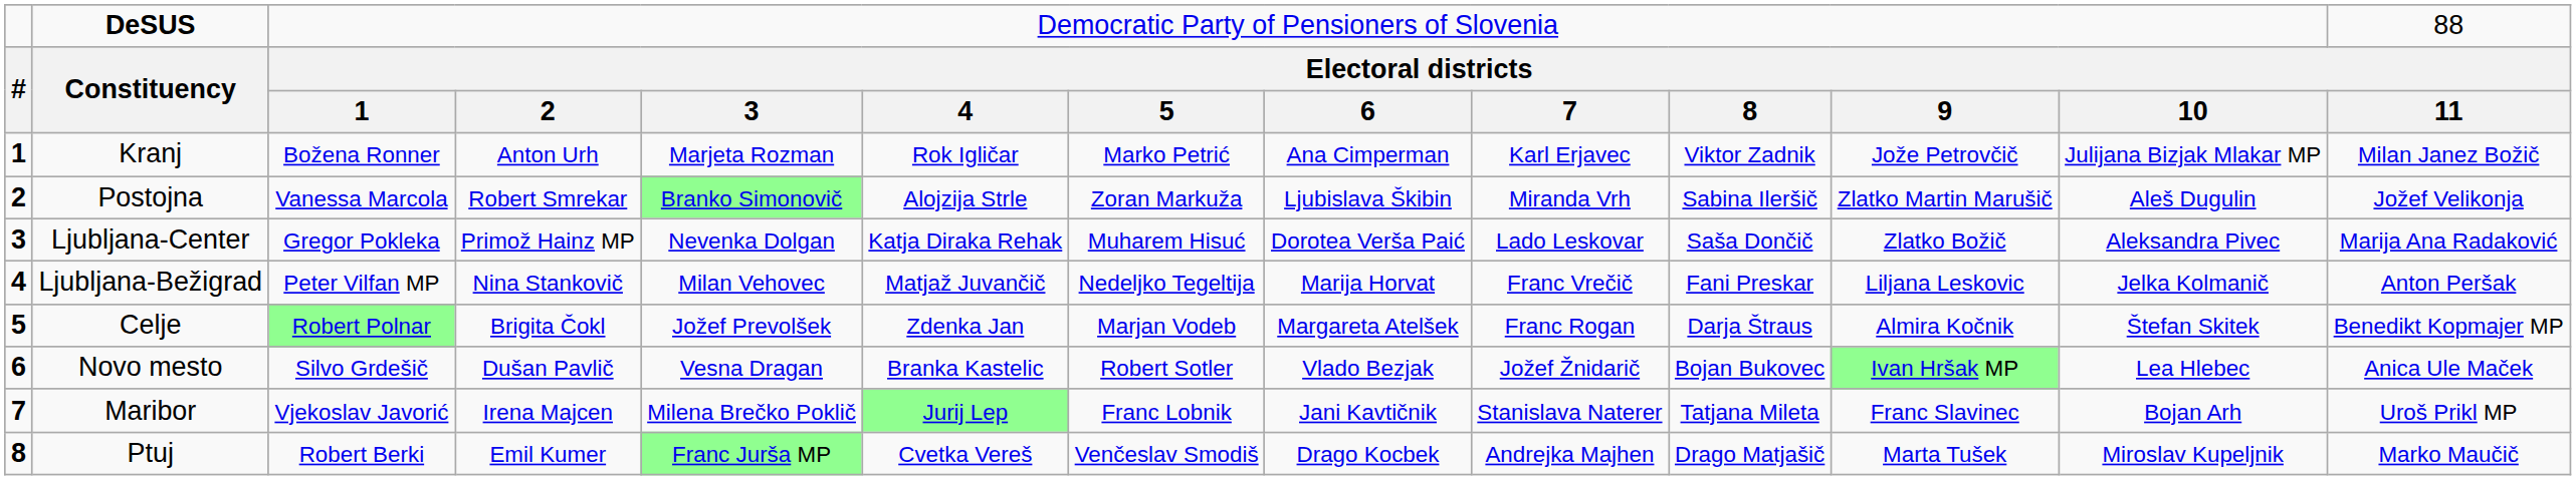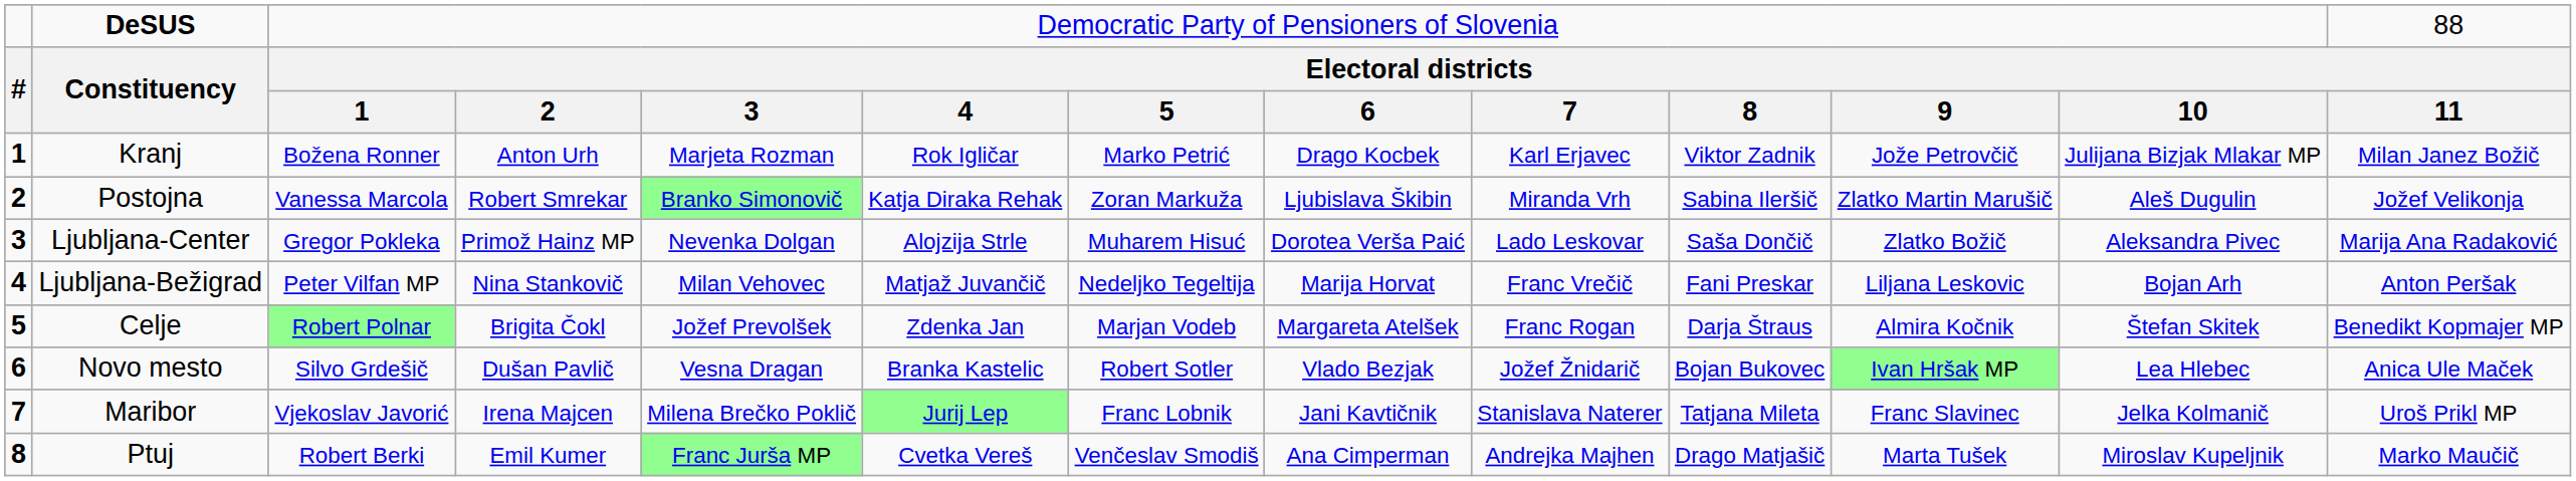 <table class="wikitable" style="text-align: center;">
 <tr>
 <td style="background:"></td>
 <td><strong>DeSUS</strong></td>
 <td colspan="10"><a href='#'>Democratic Party of Pensioners of Slovenia</a><br></td>
 <td>88<br></td>
 </tr>
 <tr>
 <th rowspan="2">#</th>
 <th rowspan="2">Constituency</th>
 <th colspan="11">Electoral districts</th>
 </tr>
 <tr>
 <th>1</th>
 <th>2</th>
 <th>3</th>
 <th>4</th>
 <th>5</th>
 <th>6</th>
 <th>7</th>
 <th>8</th>
 <th>9</th>
 <th>10</th>
 <th>11</th>
 </tr>
 <tr>
 <td style="text-align:center;"><strong>1</strong></td>
 <td>Kranj</td>
 <td><a href='#'><small>Božena Ronner</small></a></td>
 <td><a href='#'><small>Anton Urh</small></a></td>
 <td><a href='#'><small>Marjeta Rozman</small></a></td>
 <td><a href='#'><small>Rok Igličar</small></a></td>
 <td><a href='#'><small>Marko Petrić</small></a></td>
-<td><a href='#'><small>Ana Cimperman</small></a></td>
+<td><a href='#'><small>Drago Kocbek</small></a></td>
 <td><a href='#'><small>Karl Erjavec</small></a></td>
 <td><a href='#'><small>Viktor Zadnik</small></a></td>
 <td><a href='#'><small>Jože Petrovčič</small></a></td>
 <td><small><a href='#'>Julijana Bizjak Mlakar</a> MP</small></td>
 <td><a href='#'><small>Milan Janez Božič</small></a></td>
 </tr>
 <tr>
 <td style="text-align:center;"><strong>2</strong></td>
 <td>Postojna</td>
 <td><a href='#'><small>Vanessa Marcola</small></a></td>
 <td><a href='#'><small>Robert Smrekar</small></a></td>
 <td style="background:#90FF90;"><a href='#'><small>Branko Simonovič</small></a></td>
-<td><a href='#'><small>Alojzija Strle</small></a></td>
+<td><a href='#'><small>Katja Diraka Rehak</small></a></td>
 <td><a href='#'><small>Zoran Markuža</small></a></td>
 <td><a href='#'><small>Ljubislava Škibin</small></a></td>
 <td><a href='#'><small>Miranda Vrh</small></a></td>
 <td><a href='#'><small>Sabina Ileršič</small></a></td>
 <td><a href='#'><small>Zlatko Martin Marušič</small></a></td>
 <td><a href='#'><small>Aleš Dugulin</small></a></td>
 <td><a href='#'><small>Jožef Velikonja</small></a></td>
 </tr>
 <tr>
 <td style="text-align:center;"><strong>3</strong></td>
 <td>Ljubljana-Center</td>
 <td><a href='#'><small>Gregor Pokleka</small></a></td>
 <td><small><a href='#'>Primož Hainz</a> MP</small></td>
 <td><a href='#'><small>Nevenka Dolgan</small></a></td>
-<td><a href='#'><small>Katja Diraka Rehak</small></a></td>
+<td><a href='#'><small>Alojzija Strle</small></a></td>
 <td><a href='#'><small>Muharem Hisuć</small></a></td>
 <td><a href='#'><small>Dorotea Verša Paić</small></a></td>
 <td><a href='#'><small>Lado Leskovar</small></a></td>
 <td><a href='#'><small>Saša Dončič</small></a></td>
 <td><a href='#'><small>Zlatko Božič</small></a></td>
 <td><a href='#'><small>Aleksandra Pivec</small></a></td>
 <td><a href='#'><small>Marija Ana Radaković</small></a></td>
 </tr>
 <tr>
 <td style="text-align:center;"><strong>4</strong></td>
 <td>Ljubljana-Bežigrad</td>
 <td><small><a href='#'>Peter Vilfan</a> MP</small></td>
 <td><a href='#'><small>Nina Stankovič</small></a></td>
 <td><a href='#'><small>Milan Vehovec</small></a></td>
 <td><a href='#'><small>Matjaž Juvančič</small></a></td>
 <td><a href='#'><small>Nedeljko Tegeltija</small></a></td>
 <td><a href='#'><small>Marija Horvat</small></a></td>
 <td><a href='#'><small>Franc Vrečič</small></a></td>
 <td><a href='#'><small>Fani Preskar</small></a></td>
 <td><a href='#'><small>Liljana Leskovic</small></a></td>
-<td><a href='#'><small>Jelka Kolmanič</small></a></td>
+<td><a href='#'><small>Bojan Arh</small></a></td>
 <td><a href='#'><small>Anton Peršak</small></a></td>
 </tr>
 <tr>
 <td style="text-align:center;"><strong>5</strong></td>
 <td>Celje</td>
 <td style="background:#90FF90;"><a href='#'><small>Robert Polnar</small></a></td>
 <td><a href='#'><small>Brigita Čokl</small></a></td>
 <td><a href='#'><small>Jožef Prevolšek</small></a></td>
 <td><a href='#'><small>Zdenka Jan</small></a></td>
 <td><a href='#'><small>Marjan Vodeb</small></a></td>
 <td><a href='#'><small>Margareta Atelšek</small></a></td>
 <td><a href='#'><small>Franc Rogan</small></a></td>
 <td><a href='#'><small>Darja Štraus</small></a></td>
 <td><a href='#'><small>Almira Kočnik</small></a></td>
 <td><a href='#'><small>Štefan Skitek</small></a></td>
 <td><small><a href='#'>Benedikt Kopmajer</a> MP</small></td>
 </tr>
 <tr>
 <td style="text-align:center;"><strong>6</strong></td>
 <td>Novo mesto</td>
 <td><a href='#'><small>Silvo Grdešič</small></a></td>
 <td><a href='#'><small>Dušan Pavlič</small></a></td>
 <td><a href='#'><small>Vesna Dragan</small></a></td>
 <td><a href='#'><small>Branka Kastelic</small></a></td>
 <td><a href='#'><small>Robert Sotler</small></a></td>
 <td><a href='#'><small>Vlado Bezjak</small></a></td>
 <td><a href='#'><small>Jožef Žnidarič</small></a></td>
 <td><a href='#'><small>Bojan Bukovec</small></a></td>
 <td style="background:#90FF90;"><small><a href='#'>Ivan Hršak</a> MP</small></td>
 <td><a href='#'><small>Lea Hlebec</small></a></td>
 <td><a href='#'><small>Anica Ule Maček</small></a></td>
 </tr>
 <tr>
 <td style="text-align:center;"><strong>7</strong></td>
 <td>Maribor</td>
 <td><a href='#'><small>Vjekoslav Javorić</small></a></td>
 <td><a href='#'><small>Irena Majcen</small></a></td>
 <td><a href='#'><small>Milena Brečko Poklič</small></a></td>
 <td style="background:#90FF90;"><a href='#'><small>Jurij Lep</small></a></td>
 <td><a href='#'><small>Franc Lobnik</small></a></td>
 <td><a href='#'><small>Jani Kavtičnik</small></a></td>
 <td><a href='#'><small>Stanislava Naterer</small></a></td>
 <td><a href='#'><small>Tatjana Mileta</small></a></td>
 <td><a href='#'><small>Franc Slavinec</small></a></td>
-<td><a href='#'><small>Bojan Arh</small></a></td>
+<td><a href='#'><small>Jelka Kolmanič</small></a></td>
 <td><small><a href='#'>Uroš Prikl</a> MP</small></td>
 </tr>
 <tr>
 <td style="text-align:center;"><strong>8</strong></td>
 <td>Ptuj</td>
 <td><a href='#'><small>Robert Berki</small></a></td>
 <td><a href='#'><small>Emil Kumer</small></a></td>
 <td style="background:#90FF90;"><small><a href='#'>Franc Jurša</a> MP</small></td>
 <td><a href='#'><small>Cvetka Vereš</small></a></td>
 <td><a href='#'><small>Venčeslav Smodiš</small></a></td>
-<td><a href='#'><small>Drago Kocbek</small></a></td>
+<td><a href='#'><small>Ana Cimperman</small></a></td>
 <td><a href='#'><small>Andrejka Majhen</small></a></td>
 <td><a href='#'><small>Drago Matjašič</small></a></td>
 <td><a href='#'><small>Marta Tušek</small></a></td>
 <td><a href='#'><small>Miroslav Kupeljnik</small></a></td>
 <td><a href='#'><small>Marko Maučič</small></a></td>
 </tr>
 </table>
